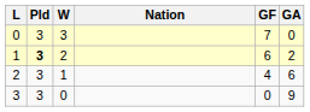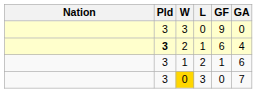 <table class=wikitable style="text-align:center">
 <tr>
-<th width=20]]>L</th>
+<th width=220]]>Nation</th>
 <th width=20]]>Pld</th>
 <th width=20>W</th>
-<th width=220]]>Nation</th>
+<th width=20]]>L</th>
 <th width=20]]>GF</th>
 <th width=20]]>GA</th>
 </tr>
 <tr bgcolor=#ffffcc>
-<td>0</td>
+<td align=left></td>
 <td>3</td>
 <td>3</td>
-<td align=left></td>
-<td>7</td>
+<td>0</td>
+<td>9</td>
 <td>0</td>
 </tr>
 <tr bgcolor=#ffffcc>
-<td>1</td>
+<td align=left></td>
 <td><strong>3</strong></td>
 <td>2</td>
-<td align=left></td>
+<td>1</td>
 <td>6</td>
-<td>2</td>
+<td>4</td>
 </tr>
 <tr>
-<td>2</td>
+<td align=left></td>
 <td>3</td>
 <td>1</td>
-<td align=left></td>
-<td>4</td>
+<td>2</td>
+<td>1</td>
 <td>6</td>
 </tr>
 <tr>
+<td align=left></td>
 <td>3</td>
+<td style="background: gold;">0</td>
 <td>3</td>
 <td>0</td>
-<td align=left></td>
-<td>0</td>
-<td>9</td>
+<td>7</td>
 </tr>
 </table>
